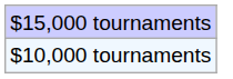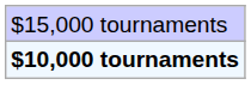 <table class=wikitable style="font-size:85%">
 <tr style="background:#ccccff;">
 <td>$15,000 tournaments</td>
 </tr>
 <tr style="background:#f0f8ff;">
-<td>$10,000 tournaments</td>
+<td><strong>$10,000 tournaments</strong></td>
 </tr>
 </table>
